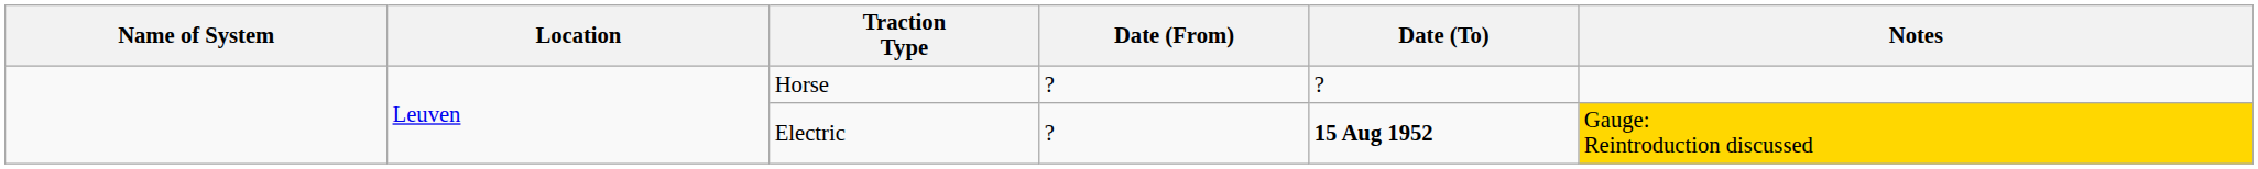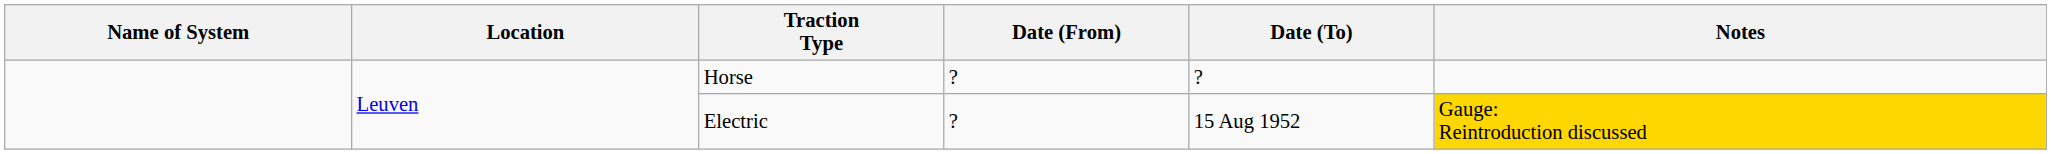 <table class="wikitable" width=100%>
 <tr>
 <th width=17%>Name of System</th>
 <th width=17%>Location</th>
 <th width=12%>Traction<br>Type</th>
 <th width=12%>Date (From)</th>
 <th width=12%>Date (To)</th>
 <th width=30%>Notes</th>
 </tr>
 <tr>
 <td rowspan=2> </td>
 <td rowspan=2><a href='#'>Leuven</a></td>
 <td>Horse</td>
 <td>?</td>
 <td>?</td>
 <td> </td>
 </tr>
 <tr>
 <td>Electric</td>
 <td>?</td>
-<td><strong>15 Aug 1952</strong></td>
+<td>15 Aug 1952</td>
 <td style="background: gold;">Gauge: <br>Reintroduction discussed</td>
 </tr>
 </table>
